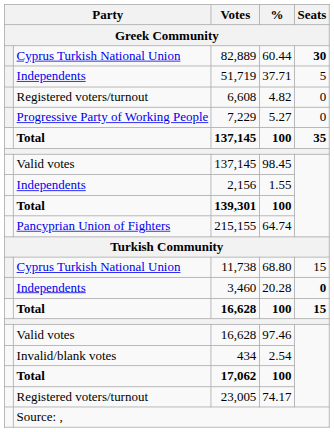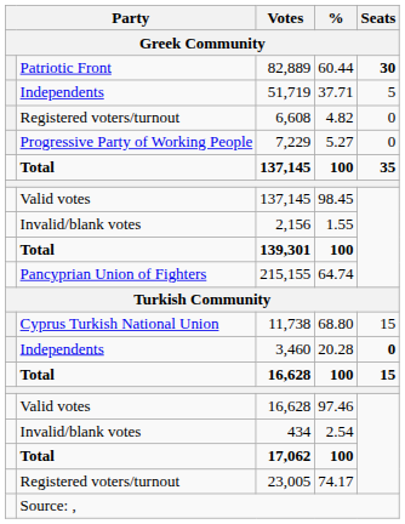 <table class=wikitable style=text-align:right>
 <tr>
 <th colspan="2">Party</th>
 <th>Votes</th>
 <th>%</th>
 <th>Seats</th>
 </tr>
 <tr>
 <th colspan="5">Greek Community</th>
 </tr>
 <tr>
 <th width="4px" style="background-color: "></th>
-<td align="left"><a href='#'>Cyprus Turkish National Union</a></td>
+<td align="left"><a href='#'>Patriotic Front</a></td>
 <td>82,889</td>
 <td>60.44</td>
 <td><strong>30</strong></td>
 </tr>
 <tr>
 <th width="4px" style="background-color: "></th>
 <td align="left"><a href='#'>Independents</a></td>
 <td>51,719</td>
 <td>37.71</td>
 <td>5</td>
 </tr>
 <tr>
 <th width="4px" style="background-color: "></th>
 <td align="left">Registered voters/turnout</td>
 <td>6,608</td>
 <td>4.82</td>
 <td>0</td>
 </tr>
 <tr>
 <th width="4px" style="background-color: "></th>
 <td align="left"><a href='#'>Progressive Party of Working People</a></td>
 <td>7,229</td>
 <td>5.27</td>
 <td>0</td>
 </tr>
 <tr>
 <td></td>
 <td align="left"><strong>Total</strong></td>
 <td><strong>137,145</strong></td>
 <td><strong>100</strong></td>
 <td><strong>35</strong></td>
 </tr>
 <tr>
 <th colspan="5"></th>
 </tr>
 <tr>
 <td></td>
 <td align="left">Valid votes</td>
 <td>137,145</td>
 <td>98.45</td>
 <td rowspan=4></td>
 </tr>
 <tr>
 <td></td>
-<td align="left"><a href='#'>Independents</a></td>
+<td align="left">Invalid/blank votes</td>
 <td>2,156</td>
 <td>1.55</td>
 </tr>
 <tr>
 <td></td>
 <td align="left"><strong>Total</strong></td>
 <td><strong>139,301</strong></td>
 <td><strong>100</strong></td>
 </tr>
 <tr>
 <td></td>
 <td align="left"><a href='#'>Pancyprian Union of Fighters</a></td>
 <td>215,155</td>
 <td>64.74</td>
 </tr>
 <tr>
 <th colspan="5">Turkish Community</th>
 </tr>
 <tr>
 <th width="4px" style="background-color: "></th>
 <td align="left"><a href='#'>Cyprus Turkish National Union</a></td>
 <td>11,738</td>
 <td>68.80</td>
 <td>15</td>
 </tr>
 <tr>
 <th width="4px" style="background-color: "></th>
 <td align="left"><a href='#'>Independents</a></td>
 <td>3,460</td>
 <td>20.28</td>
 <td><strong>0</strong></td>
 </tr>
 <tr>
 <td></td>
 <td align="left"><strong>Total</strong></td>
 <td><strong>16,628</strong></td>
 <td><strong>100</strong></td>
 <td><strong>15</strong></td>
 </tr>
 <tr>
 <th colspan="5"></th>
 </tr>
 <tr>
 <td></td>
 <td align="left">Valid votes</td>
 <td>16,628</td>
 <td>97.46</td>
 <td rowspan=4></td>
 </tr>
 <tr>
 <td></td>
 <td align="left">Invalid/blank votes</td>
 <td>434</td>
 <td>2.54</td>
 </tr>
 <tr>
 <td></td>
 <td align="left"><strong>Total</strong></td>
 <td><strong>17,062</strong></td>
 <td><strong>100</strong></td>
 </tr>
 <tr>
 <td></td>
 <td align="left">Registered voters/turnout</td>
 <td>23,005</td>
 <td>74.17</td>
 </tr>
 <tr>
 <td></td>
 <td colspan="4" align="left">Source: , </td>
 </tr>
 </table>
